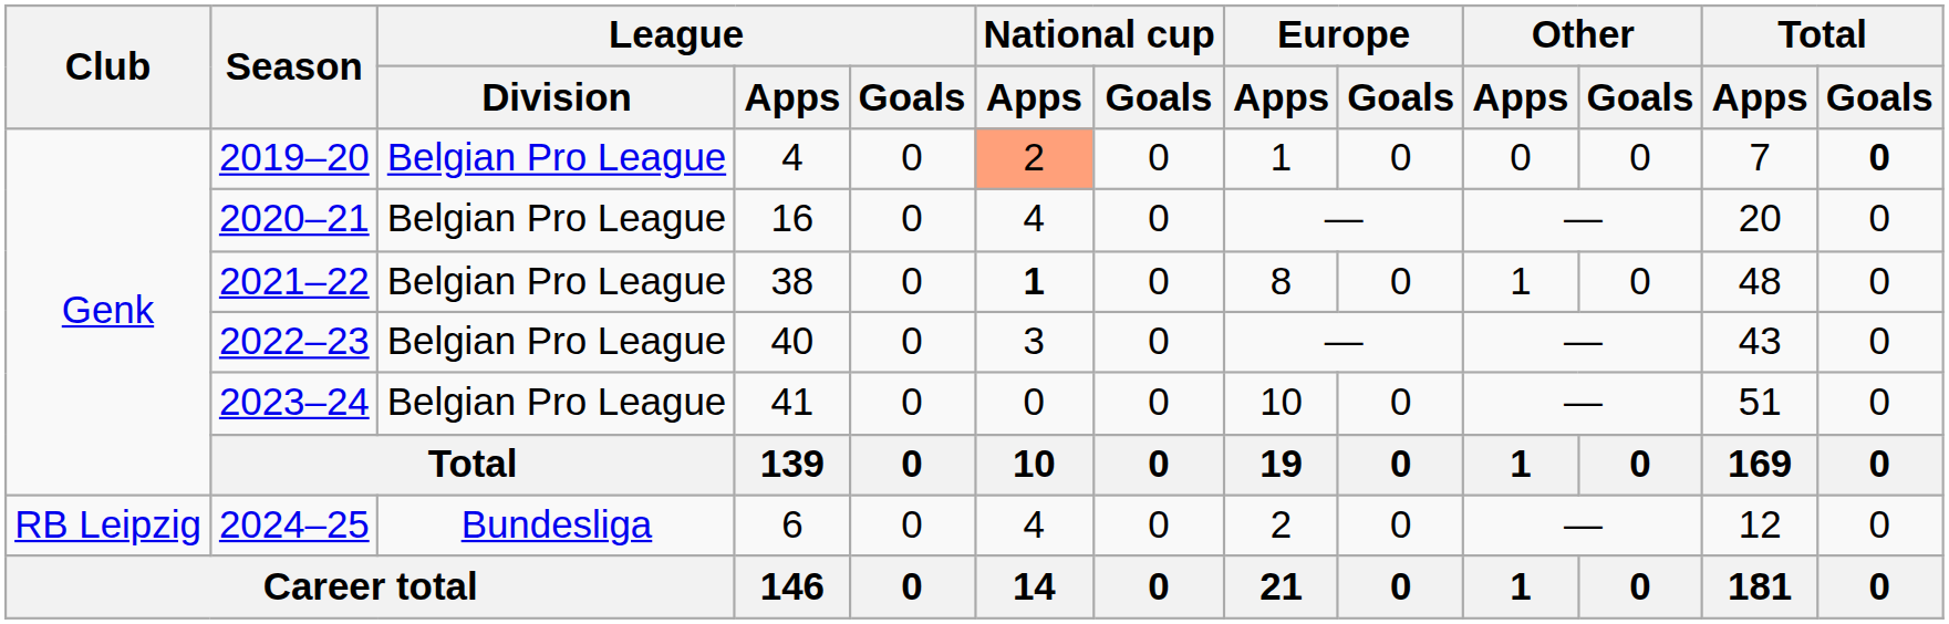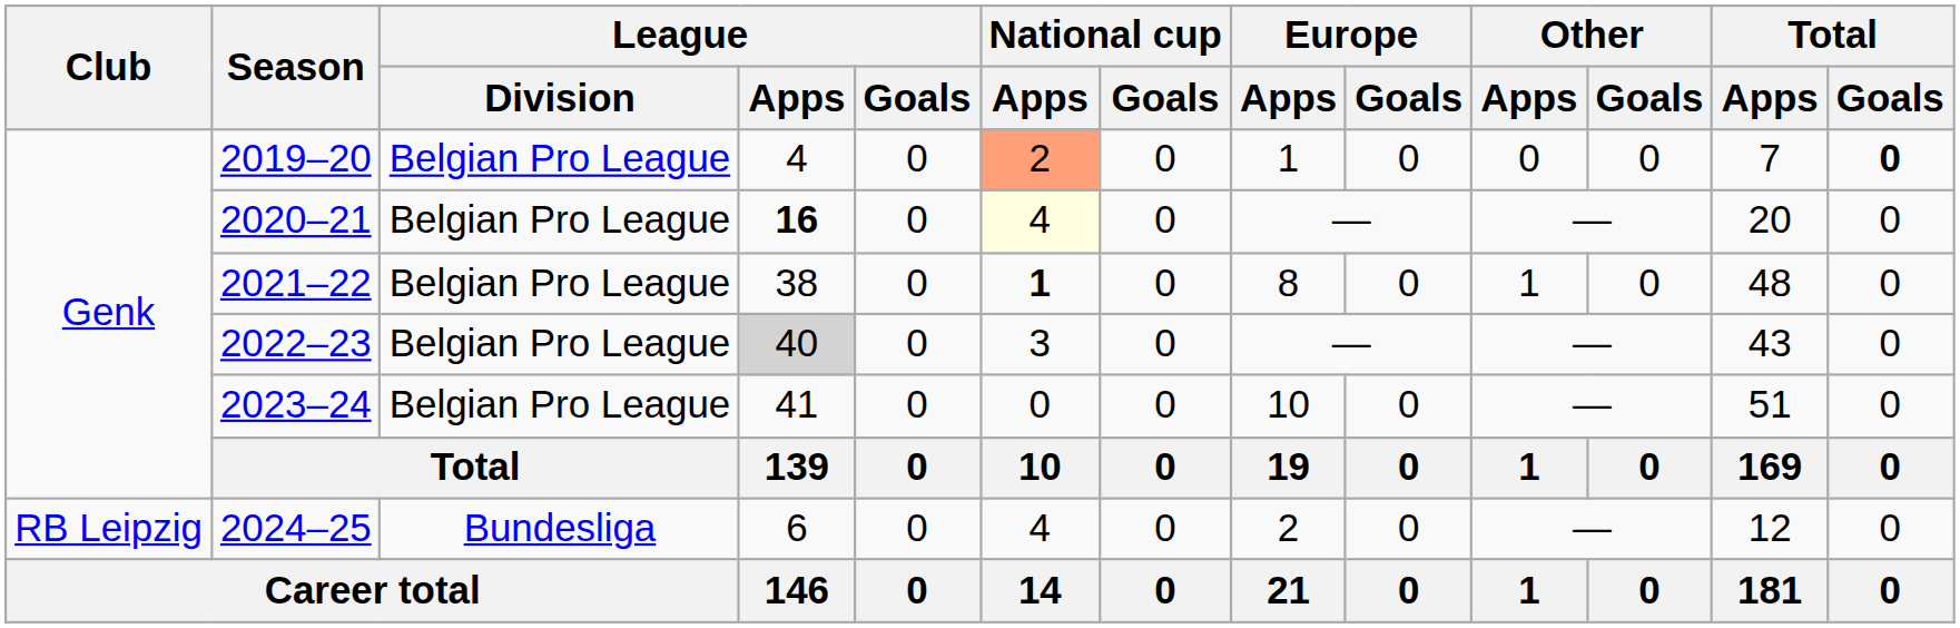 <table class="wikitable" style="text-align: center">
 <tr>
 <th rowspan="2">Club</th>
 <th rowspan="2">Season</th>
 <th colspan="3">League</th>
 <th colspan="2">National cup</th>
 <th colspan="2">Europe</th>
 <th colspan="2">Other</th>
 <th colspan="2">Total</th>
 </tr>
 <tr>
 <th>Division</th>
 <th>Apps</th>
 <th>Goals</th>
 <th>Apps</th>
 <th>Goals</th>
 <th>Apps</th>
 <th>Goals</th>
 <th>Apps</th>
 <th>Goals</th>
 <th>Apps</th>
 <th>Goals</th>
 </tr>
 <tr>
 <td rowspan="6"><a href='#'>Genk</a></td>
 <td><a href='#'>2019–20</a></td>
 <td><a href='#'>Belgian Pro League</a></td>
 <td>4</td>
 <td>0</td>
 <td style="background: lightsalmon;">2</td>
 <td>0</td>
 <td>1</td>
 <td>0</td>
 <td>0</td>
 <td>0</td>
 <td>7</td>
 <td><strong>0</strong></td>
 </tr>
 <tr>
 <td><a href='#'>2020–21</a></td>
 <td>Belgian Pro League</td>
-<td>16</td>
+<td><strong>16</strong></td>
 <td>0</td>
-<td>4</td>
+<td style="background: lightyellow;">4</td>
 <td>0</td>
 <td colspan="2">—</td>
 <td colspan="2">—</td>
 <td>20</td>
 <td>0</td>
 </tr>
 <tr>
 <td><a href='#'>2021–22</a></td>
 <td>Belgian Pro League</td>
 <td>38</td>
 <td>0</td>
 <td><strong>1</strong></td>
 <td>0</td>
 <td>8</td>
 <td>0</td>
 <td>1</td>
 <td>0</td>
 <td>48</td>
 <td>0</td>
 </tr>
 <tr>
 <td><a href='#'>2022–23</a></td>
 <td>Belgian Pro League</td>
-<td>40</td>
+<td style="background: lightgrey;">40</td>
 <td>0</td>
 <td>3</td>
 <td>0</td>
 <td colspan="2">—</td>
 <td colspan="2">—</td>
 <td>43</td>
 <td>0</td>
 </tr>
 <tr>
 <td><a href='#'>2023–24</a></td>
 <td>Belgian Pro League</td>
 <td>41</td>
 <td>0</td>
 <td>0</td>
 <td>0</td>
 <td>10</td>
 <td>0</td>
 <td colspan="2">—</td>
 <td>51</td>
 <td>0</td>
 </tr>
 <tr>
 <th colspan="2">Total</th>
 <th>139</th>
 <th>0</th>
 <th>10</th>
 <th>0</th>
 <th>19</th>
 <th>0</th>
 <th>1</th>
 <th>0</th>
 <th>169</th>
 <th>0</th>
 </tr>
 <tr>
 <td><a href='#'>RB Leipzig</a></td>
 <td><a href='#'>2024–25</a></td>
 <td><a href='#'>Bundesliga</a></td>
 <td>6</td>
 <td>0</td>
 <td>4</td>
 <td>0</td>
 <td>2</td>
 <td>0</td>
 <td colspan="2">—</td>
 <td>12</td>
 <td>0</td>
 </tr>
 <tr>
 <th colspan="3">Career total</th>
 <th>146</th>
 <th>0</th>
 <th>14</th>
 <th>0</th>
 <th>21</th>
 <th>0</th>
 <th>1</th>
 <th>0</th>
 <th>181</th>
 <th>0</th>
 </tr>
 </table>
